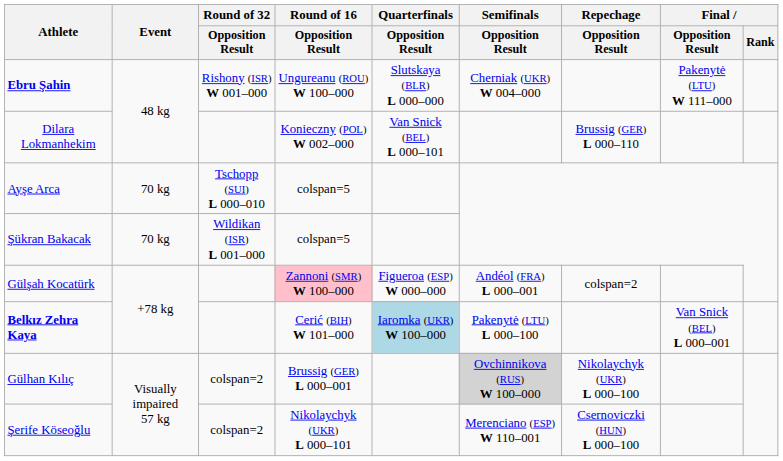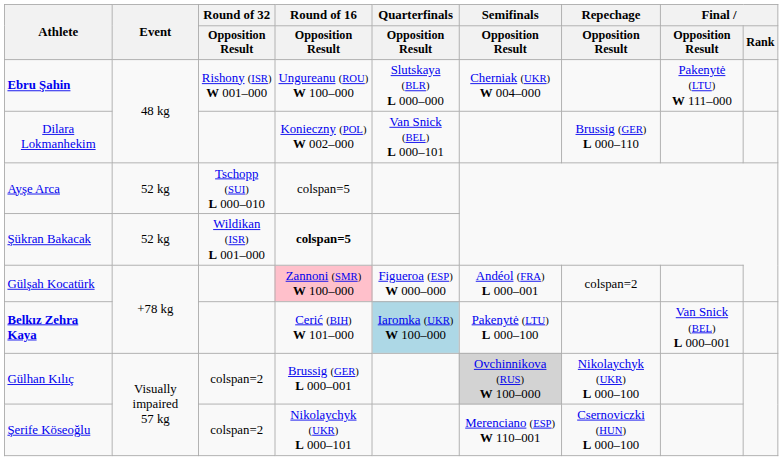 <table class="wikitable" style="font-size:90%">
 <tr>
 <th rowspan="2">Athlete</th>
 <th rowspan="2">Event</th>
 <th>Round of 32</th>
 <th>Round of 16</th>
 <th>Quarterfinals</th>
 <th>Semifinals</th>
 <th>Repechage</th>
 <th colspan=2>Final / </th>
 </tr>
 <tr style="font-size:95%">
 <th>Opposition<br>Result</th>
 <th>Opposition<br>Result</th>
 <th>Opposition<br>Result</th>
 <th>Opposition<br>Result</th>
 <th>Opposition<br>Result</th>
 <th>Opposition<br>Result</th>
 <th>Rank</th>
 </tr>
 <tr align=center>
 <td align=left><strong><a href='#'>Ebru Şahin</a></strong></td>
 <td align=center rowspan=2>48 kg</td>
 <td> <a href='#'>Rishony</a> <small>(<a href='#'>ISR</a>)</small> <br><strong>W</strong> 001–000</td>
 <td> <a href='#'>Ungureanu</a> <small>(<a href='#'>ROU</a>)</small> <br><strong>W</strong> 100–000</td>
 <td> <a href='#'>Slutskaya</a> <small>(<a href='#'>BLR</a>)</small> <br><strong>L</strong> 000–000</td>
 <td> <a href='#'>Cherniak</a> <small>(<a href='#'>UKR</a>)</small> <br><strong>W</strong> 004–000</td>
 <td></td>
 <td> <a href='#'>Pakenytė</a> <small>(<a href='#'>LTU</a>)</small> <br><strong>W</strong> 111–000</td>
 <td></td>
 </tr>
 <tr align=center>
 <td align=center><a href='#'>Dilara Lokmanhekim</a></td>
 <td></td>
 <td> <a href='#'>Konieczny</a> <small>(<a href='#'>POL</a>)</small> <br><strong>W</strong> 002–000</td>
 <td> <a href='#'>Van Snick</a> <small>(<a href='#'>BEL</a>)</small> <br><strong>L</strong> 000–101</td>
 <td></td>
 <td> <a href='#'>Brussig</a> <small>(<a href='#'>GER</a>)</small> <br><strong>L</strong> 000–110</td>
 <td></td>
 <td></td>
 </tr>
 <tr align=center>
 <td align=left><a href='#'>Ayşe Arca</a></td>
-<td align=center>70 kg</td>
+<td align=center>52 kg</td>
 <td> <a href='#'>Tschopp</a> <small>(<a href='#'>SUI</a>)</small> <br><strong>L</strong> 000–010</td>
 <td>colspan=5 </td>
 <td></td>
 </tr>
 <tr align=center>
 <td align=left><a href='#'>Şükran Bakacak</a></td>
-<td align=center>70 kg</td>
+<td align=center>52 kg</td>
 <td> <a href='#'>Wildikan</a> <small>(<a href='#'>ISR</a>)</small> <br><strong>L</strong> 001–000</td>
-<td>colspan=5 </td>
+<td><strong>colspan=5 </strong></td>
 <td></td>
 </tr>
 <tr align=center>
 <td align=left><a href='#'>Gülşah Kocatürk</a></td>
 <td align=center rowspan=2>+78 kg</td>
 <td></td>
 <td style="background: pink;"> <a href='#'>Zannoni</a> <small>(<a href='#'>SMR</a>)</small> <br><strong>W</strong> 100–000</td>
 <td> <a href='#'>Figueroa</a> <small>(<a href='#'>ESP</a>)</small> <br><strong>W</strong> 000–000</td>
 <td> <a href='#'>Andéol</a> <small>(<a href='#'>FRA</a>)</small> <br><strong>L</strong> 000–001</td>
 <td>colspan=2 </td>
 <td></td>
 </tr>
 <tr align=center>
 <td align=left><strong><a href='#'>Belkız Zehra Kaya</a></strong></td>
 <td></td>
 <td> <a href='#'>Cerić</a> <small>(<a href='#'>BIH</a>)</small> <br><strong>W</strong> 101–000</td>
 <td style="background: lightblue;"> <a href='#'>Iaromka</a> <small>(<a href='#'>UKR</a>)</small> <br><strong>W</strong> 100–000</td>
 <td> <a href='#'>Pakenytė</a> <small>(<a href='#'>LTU</a>)</small> <br><strong>L</strong> 000–100</td>
 <td></td>
 <td> <a href='#'>Van Snick</a> <small>(<a href='#'>BEL</a>)</small> <br><strong>L</strong> 000–001</td>
 <td></td>
 </tr>
 <tr align=center>
 <td align=left><a href='#'>Gülhan Kılıç</a></td>
 <td align=center rowspan=2>Visually impaired<br>57 kg</td>
 <td>colspan=2 </td>
 <td> <a href='#'>Brussig</a> <small>(<a href='#'>GER</a>)</small> <br><strong>L</strong> 000–001</td>
 <td></td>
 <td style="background: lightgrey;"> <a href='#'>Ovchinnikova</a> <small>(<a href='#'>RUS</a>)</small> <br><strong>W</strong> 100–000</td>
 <td> <a href='#'>Nikolaychyk</a> <small>(<a href='#'>UKR</a>)</small> <br><strong>L</strong> 000–100</td>
 <td></td>
 </tr>
 <tr align=center>
 <td align=left><a href='#'>Şerife Köseoğlu</a></td>
 <td>colspan=2 </td>
 <td> <a href='#'>Nikolaychyk</a> <small>(<a href='#'>UKR</a>)</small> <br><strong>L</strong> 000–101</td>
 <td></td>
 <td> <a href='#'>Merenciano</a> <small>(<a href='#'>ESP</a>)</small> <br><strong>W</strong> 110–001</td>
 <td> <a href='#'>Csernoviczki</a> <small>(<a href='#'>HUN</a>)</small> <br><strong>L</strong> 000–100</td>
 <td></td>
 </tr>
 </table>
